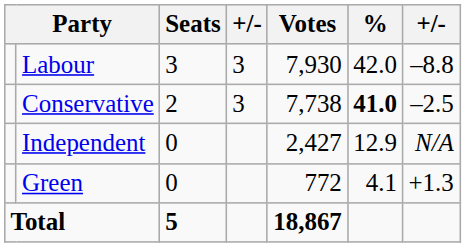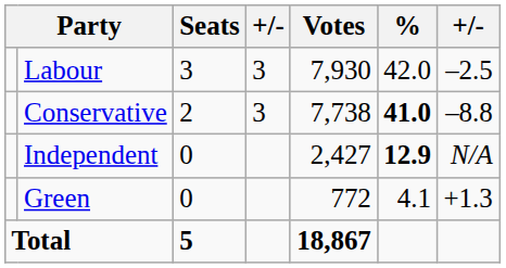 <table class="wikitable sortable">
 <tr>
 <th colspan="2">Party</th>
 <th>Seats</th>
 <th>+/-</th>
 <th>Votes</th>
 <th>%</th>
 <th>+/-</th>
 </tr>
 <tr>
 <td style="background-color: "></td>
 <td><a href='#'>Labour</a></td>
 <td>3</td>
 <td> 3</td>
 <td style="text-align:right;">7,930</td>
 <td style="text-align:right;">42.0</td>
-<td style="text-align:right;">–8.8</td>
+<td style="text-align:right;">–2.5</td>
 </tr>
 <tr>
 <td style="background-color: "></td>
 <td><a href='#'>Conservative</a></td>
 <td>2</td>
 <td> 3</td>
 <td style="text-align:right;">7,738</td>
 <td style="text-align:right;"><strong>41.0</strong></td>
-<td style="text-align:right;">–2.5</td>
+<td style="text-align:right;">–8.8</td>
 </tr>
 <tr>
 <td style="background-color: "></td>
 <td><a href='#'>Independent</a></td>
 <td>0</td>
 <td></td>
 <td style="text-align:right;">2,427</td>
-<td style="text-align:right;">12.9</td>
+<td style="text-align:right;"><strong>12.9</strong></td>
 <td style="text-align:right;"><em>N/A</em></td>
 </tr>
 <tr>
 <td style="background-color: "></td>
 <td><a href='#'>Green</a></td>
 <td>0</td>
 <td></td>
 <td style="text-align:right;">772</td>
 <td style="text-align:right;">4.1</td>
 <td style="text-align:right;">+1.3</td>
 </tr>
 <tr>
 <td colspan="2"><strong>Total</strong></td>
 <td><strong>5</strong></td>
 <td></td>
 <td style="text-align:right;"><strong>18,867</strong></td>
 <td style="text-align:right;"></td>
 <td style="text-align:right;"></td>
 </tr>
 </table>
